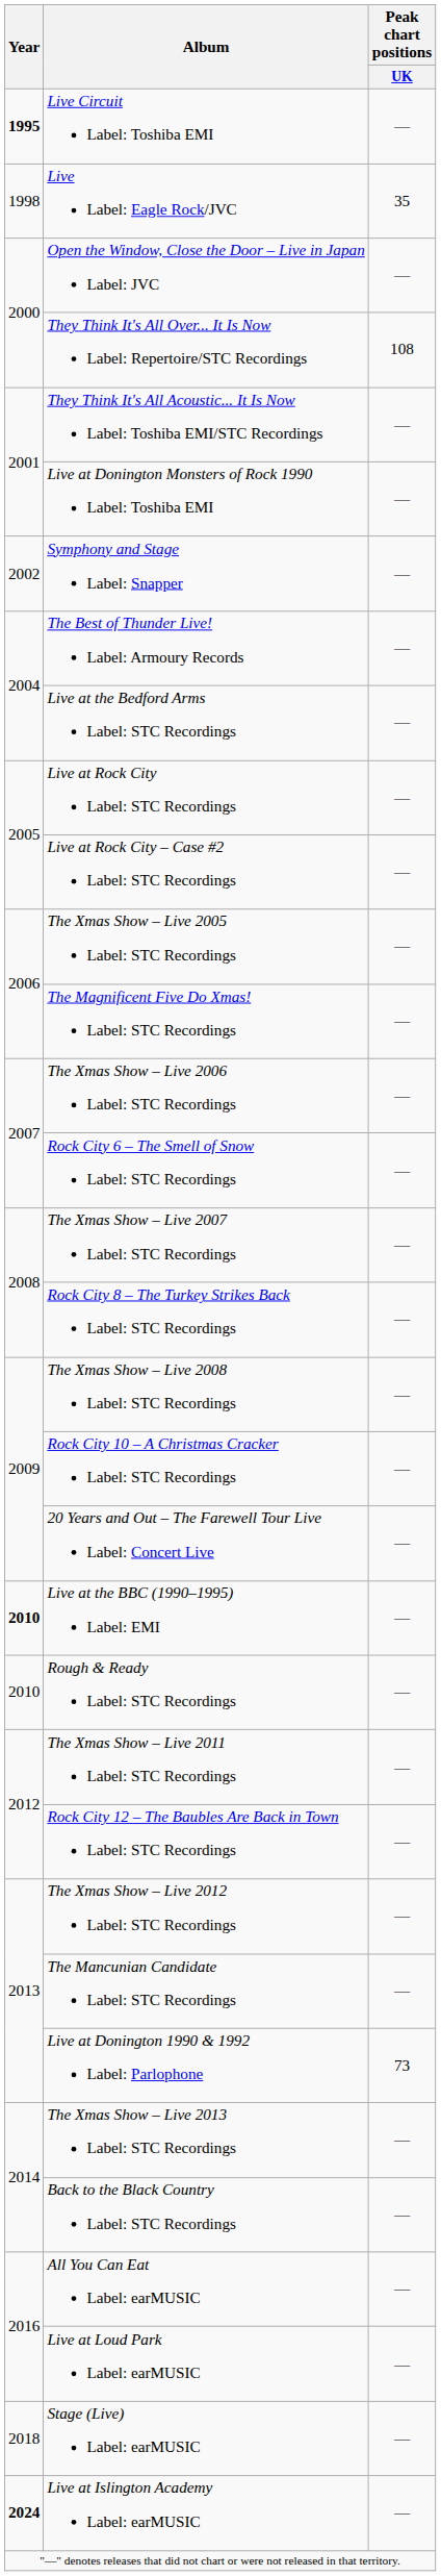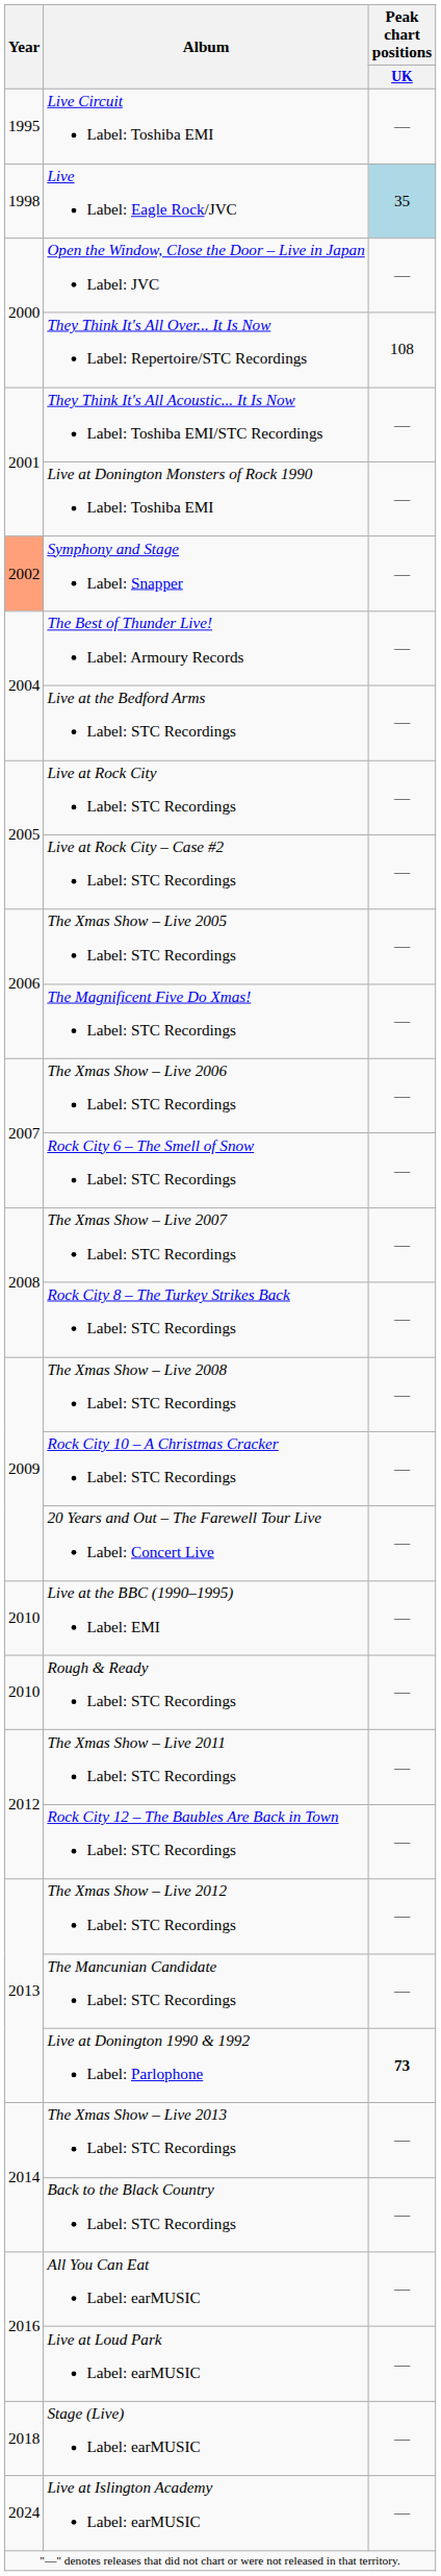 <table class="wikitable" style="text-align: center;">
 <tr>
 <th rowspan="2">Year</th>
 <th rowspan="2">Album</th>
 <th colspan="1">Peak chart positions</th>
 </tr>
 <tr>
 <th scope="col" style="width:3em;font-size:90%"><a href='#'>UK</a><br></th>
 </tr>
 <tr>
-<td><strong>1995</strong></td>
+<td>1995</td>
 <td align="left"><em><a href='#'>Live Circuit</a></em><br><ul><li>Label: Toshiba EMI</li></ul></td>
 <td>—</td>
 </tr>
 <tr>
 <td>1998</td>
 <td align="left"><em><a href='#'>Live</a></em><br><ul><li>Label: <a href='#'>Eagle Rock</a>/JVC</li></ul></td>
-<td>35</td>
+<td style="background: lightblue;">35</td>
 </tr>
 <tr>
 <td rowspan="2">2000</td>
 <td align="left"><em><a href='#'>Open the Window, Close the Door – Live in Japan</a></em><br><ul><li>Label: JVC</li></ul></td>
 <td>—</td>
 </tr>
 <tr>
 <td align="left"><em><a href='#'>They Think It's All Over... It Is Now</a></em><br><ul><li>Label: Repertoire/STC Recordings</li></ul></td>
 <td>108</td>
 </tr>
 <tr>
 <td rowspan="2">2001</td>
 <td align="left"><em><a href='#'>They Think It's All Acoustic... It Is Now</a></em><br><ul><li>Label: Toshiba EMI/STC Recordings</li></ul></td>
 <td>—</td>
 </tr>
 <tr>
 <td align="left"><em>Live at Donington Monsters of Rock 1990</em><br><ul><li>Label: Toshiba EMI</li></ul></td>
 <td>—</td>
 </tr>
 <tr>
-<td>2002</td>
+<td style="background: lightsalmon;">2002</td>
 <td align="left"><em><a href='#'>Symphony and Stage</a></em><br><ul><li>Label: <a href='#'>Snapper</a></li></ul></td>
 <td>—</td>
 </tr>
 <tr>
 <td rowspan="2">2004</td>
 <td align="left"><em><a href='#'>The Best of Thunder Live!</a></em><br><ul><li>Label: Armoury Records</li></ul></td>
 <td>—</td>
 </tr>
 <tr>
 <td align="left"><em>Live at the Bedford Arms</em><br><ul><li>Label: STC Recordings</li></ul></td>
 <td>—</td>
 </tr>
 <tr>
 <td rowspan="2">2005</td>
 <td align="left"><em>Live at Rock City</em><br><ul><li>Label: STC Recordings</li></ul></td>
 <td>—</td>
 </tr>
 <tr>
 <td align="left"><em>Live at Rock City – Case #2</em><br><ul><li>Label: STC Recordings</li></ul></td>
 <td>—</td>
 </tr>
 <tr>
 <td rowspan="2">2006</td>
 <td align="left"><em>The Xmas Show – Live 2005</em><br><ul><li>Label: STC Recordings</li></ul></td>
 <td>—</td>
 </tr>
 <tr>
 <td align="left"><em><a href='#'>The Magnificent Five Do Xmas!</a></em><br><ul><li>Label: STC Recordings</li></ul></td>
 <td>—</td>
 </tr>
 <tr>
 <td rowspan="2">2007</td>
 <td align="left"><em>The Xmas Show – Live 2006</em><br><ul><li>Label: STC Recordings</li></ul></td>
 <td>—</td>
 </tr>
 <tr>
 <td align="left"><em><a href='#'>Rock City 6 – The Smell of Snow</a></em><br><ul><li>Label: STC Recordings</li></ul></td>
 <td>—</td>
 </tr>
 <tr>
 <td rowspan="2">2008</td>
 <td align="left"><em>The Xmas Show – Live 2007</em><br><ul><li>Label: STC Recordings</li></ul></td>
 <td>—</td>
 </tr>
 <tr>
 <td align="left"><em><a href='#'>Rock City 8 – The Turkey Strikes Back</a></em><br><ul><li>Label: STC Recordings</li></ul></td>
 <td>—</td>
 </tr>
 <tr>
 <td rowspan="3">2009</td>
 <td align="left"><em>The Xmas Show – Live 2008</em><br><ul><li>Label: STC Recordings</li></ul></td>
 <td>—</td>
 </tr>
 <tr>
 <td align="left"><em><a href='#'>Rock City 10 – A Christmas Cracker</a></em><br><ul><li>Label: STC Recordings</li></ul></td>
 <td>—</td>
 </tr>
 <tr>
 <td align="left"><em>20 Years and Out – The Farewell Tour Live</em><br><ul><li>Label: <a href='#'>Concert Live</a></li></ul></td>
 <td>—</td>
 </tr>
 <tr>
-<td><strong>2010</strong></td>
+<td>2010</td>
 <td align="left"><em>Live at the BBC (1990–1995)</em><br><ul><li>Label: EMI</li></ul></td>
 <td>—</td>
 </tr>
 <tr>
 <td>2010</td>
 <td align="left"><em>Rough & Ready</em><br><ul><li>Label: STC Recordings</li></ul></td>
 <td>—</td>
 </tr>
 <tr>
 <td rowspan="2">2012</td>
 <td align="left"><em>The Xmas Show – Live 2011</em><br><ul><li>Label: STC Recordings</li></ul></td>
 <td>—</td>
 </tr>
 <tr>
 <td align="left"><em><a href='#'>Rock City 12 – The Baubles Are Back in Town</a></em><br><ul><li>Label: STC Recordings</li></ul></td>
 <td>—</td>
 </tr>
 <tr>
 <td rowspan="3">2013</td>
 <td align="left"><em>The Xmas Show – Live 2012</em><br><ul><li>Label: STC Recordings</li></ul></td>
 <td>—</td>
 </tr>
 <tr>
 <td align="left"><em>The Mancunian Candidate</em><br><ul><li>Label: STC Recordings</li></ul></td>
 <td>—</td>
 </tr>
 <tr>
 <td align="left"><em>Live at Donington 1990 & 1992</em><br><ul><li>Label: <a href='#'>Parlophone</a></li></ul></td>
-<td>73</td>
+<td><strong>73</strong></td>
 </tr>
 <tr>
 <td rowspan="2">2014</td>
 <td align="left"><em>The Xmas Show – Live 2013</em><br><ul><li>Label: STC Recordings</li></ul></td>
 <td>—</td>
 </tr>
 <tr>
 <td align="left"><em>Back to the Black Country</em><br><ul><li>Label: STC Recordings</li></ul></td>
 <td>—</td>
 </tr>
 <tr>
 <td rowspan="2">2016</td>
 <td align="left"><em>All You Can Eat</em><br><ul><li>Label: earMUSIC</li></ul></td>
 <td>—</td>
 </tr>
 <tr>
 <td align="left"><em>Live at Loud Park</em><br><ul><li>Label: earMUSIC</li></ul></td>
 <td>—</td>
 </tr>
 <tr>
 <td>2018</td>
 <td align="left"><em>Stage (Live)</em><br><ul><li>Label: earMUSIC</li></ul></td>
 <td>—</td>
 </tr>
 <tr>
-<td><strong>2024</strong></td>
+<td>2024</td>
 <td align="left"><em>Live at Islington Academy</em><br><ul><li>Label: earMUSIC</li></ul></td>
 <td>—</td>
 </tr>
 <tr>
 <td align="center" colspan="6" style="font-size: 9pt">"—" denotes releases that did not chart or were not released in that territory.</td>
 </tr>
 </table>
